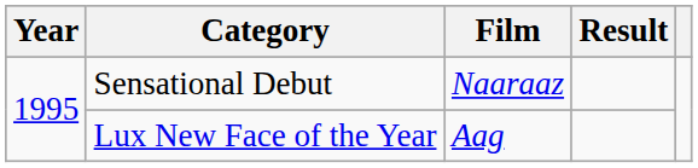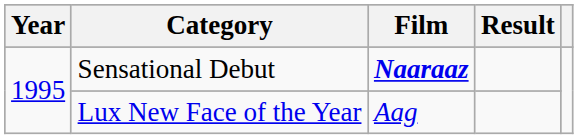 <table class="wikitable plainrowheaders">
 <tr>
 <th>Year</th>
 <th>Category</th>
 <th>Film</th>
 <th>Result</th>
 <th></th>
 </tr>
 <tr>
 <td rowspan="2"><a href='#'>1995</a></td>
 <td>Sensational Debut</td>
-<td><em><a href='#'>Naaraaz</a></em></td>
+<td><strong><em><a href='#'>Naaraaz</a></em></strong></td>
 <td></td>
 <td rowspan="2"></td>
 </tr>
 <tr>
 <td><a href='#'>Lux New Face of the Year</a></td>
 <td rowspan="2"><em><a href='#'>Aag</a></em></td>
 <td></td>
 </tr>
 </table>
